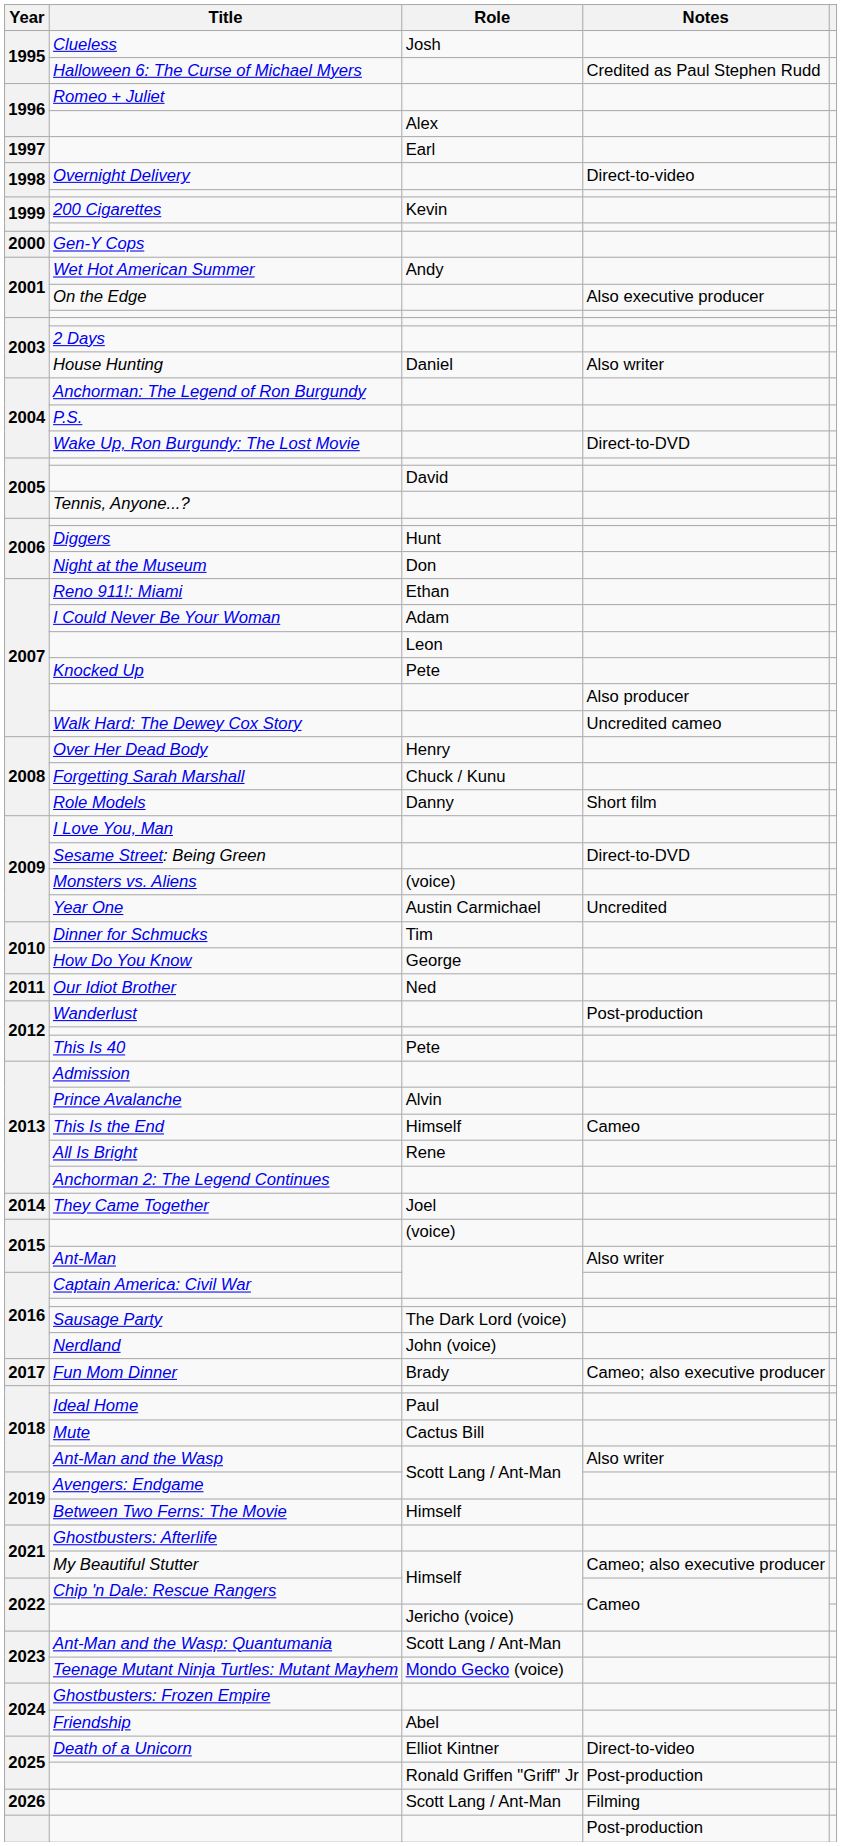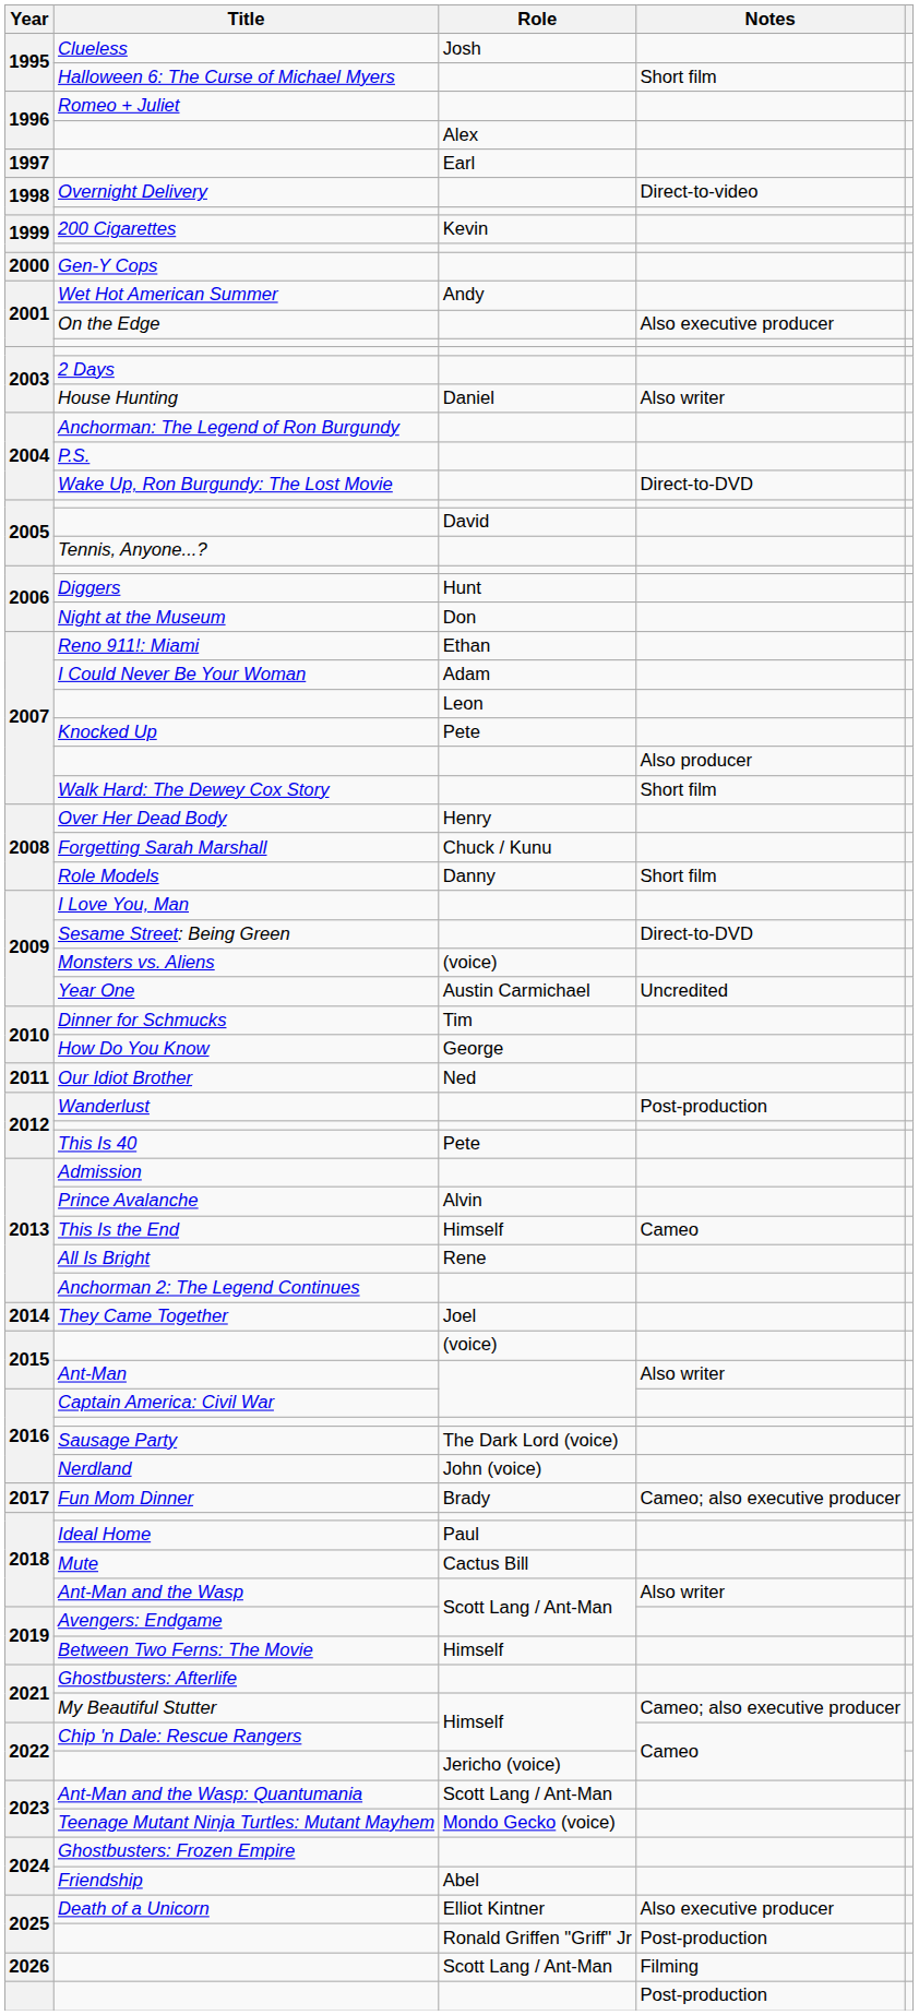 <table class="wikitable plainrowheaders sortable" style="margin-right: 0;">
 <tr>
 <th scope="col">Year</th>
 <th scope="col">Title</th>
 <th scope="col">Role</th>
 <th scope="col" class="unsortable">Notes</th>
 <th scope="col" class="unsortable"></th>
 </tr>
 <tr>
 <th rowspan="2" scope="row">1995</th>
 <td><em><a href='#'>Clueless</a></em></td>
 <td>Josh</td>
 <td></td>
 <td style="text-align: center;"></td>
 </tr>
 <tr>
 <td><em><a href='#'>Halloween 6: The Curse of Michael Myers</a></em></td>
 <td></td>
-<td>Credited as Paul Stephen Rudd</td>
+<td>Short film</td>
 <td style="text-align: center;"></td>
 </tr>
 <tr>
 <th rowspan="2" scope="row">1996</th>
 <td><em><a href='#'>Romeo + Juliet</a></em></td>
 <td></td>
 <td></td>
 <td style="text-align: center;"></td>
 </tr>
 <tr>
 <td><em></em></td>
 <td>Alex</td>
 <td></td>
 <td style="text-align: center;"></td>
 </tr>
 <tr>
 <th scope="row">1997</th>
 <td><em></em></td>
 <td>Earl</td>
 <td></td>
 <td style="text-align: center;"></td>
 </tr>
 <tr>
 <th rowspan="2" scope="row">1998</th>
 <td><em><a href='#'>Overnight Delivery</a></em></td>
 <td></td>
 <td>Direct-to-video</td>
 <td style="text-align: center;"></td>
 </tr>
 <tr>
 <td><em></em></td>
 <td></td>
 <td></td>
 <td style="text-align: center;"></td>
 </tr>
 <tr>
 <th rowspan="2" scope="row">1999</th>
 <td><em><a href='#'>200 Cigarettes</a></em></td>
 <td>Kevin</td>
 <td></td>
 <td style="text-align: center;"></td>
 </tr>
 <tr>
 <td><em></em></td>
 <td></td>
 <td></td>
 <td style="text-align: center;"></td>
 </tr>
 <tr>
 <th scope="row">2000</th>
 <td><em><a href='#'>Gen-Y Cops</a></em></td>
 <td></td>
 <td></td>
 <td style="text-align: center;"></td>
 </tr>
 <tr>
 <th rowspan="3" scope="row">2001</th>
 <td><em><a href='#'>Wet Hot American Summer</a></em></td>
 <td>Andy</td>
 <td></td>
 <td style="text-align: center;"></td>
 </tr>
 <tr>
 <td><em>On the Edge</em></td>
 <td></td>
 <td>Also executive producer</td>
 <td style="text-align: center;"></td>
 </tr>
 <tr>
 <td><em></em></td>
 <td></td>
 <td></td>
 <td style="text-align: center;"></td>
 </tr>
 <tr>
 <th rowspan="3" scope="row">2003</th>
 <td><em></em></td>
 <td></td>
 <td></td>
 <td style="text-align: center;"></td>
 </tr>
 <tr>
 <td><em><a href='#'>2 Days</a></em></td>
 <td></td>
 <td></td>
 <td style="text-align: center;"></td>
 </tr>
 <tr>
 <td><em>House Hunting</em></td>
 <td>Daniel</td>
 <td>Also writer</td>
 <td style="text-align: center;"></td>
 </tr>
 <tr>
 <th rowspan="3" scope="row">2004</th>
 <td><em><a href='#'>Anchorman: The Legend of Ron Burgundy</a></em></td>
 <td></td>
 <td></td>
 <td style="text-align: center;"></td>
 </tr>
 <tr>
 <td><em><a href='#'>P.S.</a></em></td>
 <td></td>
 <td></td>
 <td style="text-align: center;"></td>
 </tr>
 <tr>
 <td><em><a href='#'>Wake Up, Ron Burgundy: The Lost Movie</a></em></td>
 <td></td>
 <td>Direct-to-DVD</td>
 <td style="text-align: center;"></td>
 </tr>
 <tr>
 <th rowspan="3" scope="row">2005</th>
 <td><em></em></td>
 <td></td>
 <td></td>
 <td style="text-align: center;"></td>
 </tr>
 <tr>
 <td><em></em></td>
 <td>David</td>
 <td></td>
 <td style="text-align: center;"></td>
 </tr>
 <tr>
 <td><em>Tennis, Anyone...?</em></td>
 <td></td>
 <td></td>
 <td style="text-align: center;"></td>
 </tr>
 <tr>
 <th rowspan="3" scope="row">2006</th>
 <td><em></em></td>
 <td></td>
 <td></td>
 <td style="text-align: center;"></td>
 </tr>
 <tr>
 <td><em><a href='#'>Diggers</a></em></td>
 <td>Hunt</td>
 <td></td>
 <td style="text-align: center;"></td>
 </tr>
 <tr>
 <td><em><a href='#'>Night at the Museum</a></em></td>
 <td>Don</td>
 <td></td>
 <td style="text-align: center;"></td>
 </tr>
 <tr>
 <th rowspan="6" scope="row">2007</th>
 <td><em><a href='#'>Reno 911!: Miami</a></em></td>
 <td>Ethan</td>
 <td></td>
 <td style="text-align: center;"></td>
 </tr>
 <tr>
 <td><em><a href='#'>I Could Never Be Your Woman</a></em></td>
 <td>Adam</td>
 <td></td>
 <td style="text-align: center;"></td>
 </tr>
 <tr>
 <td><em></em></td>
 <td>Leon</td>
 <td></td>
 <td style="text-align: center;"></td>
 </tr>
 <tr>
 <td><em><a href='#'>Knocked Up</a></em></td>
 <td>Pete</td>
 <td></td>
 <td style="text-align: center;"></td>
 </tr>
 <tr>
 <td><em></em></td>
 <td></td>
 <td>Also producer</td>
 <td style="text-align: center;"></td>
 </tr>
 <tr>
 <td><em><a href='#'>Walk Hard: The Dewey Cox Story</a></em></td>
 <td></td>
-<td>Uncredited cameo</td>
+<td>Short film</td>
 <td style="text-align: center;"></td>
 </tr>
 <tr>
 <th rowspan="3" scope="row">2008</th>
 <td><em><a href='#'>Over Her Dead Body</a></em></td>
 <td>Henry</td>
 <td></td>
 <td style="text-align: center;"></td>
 </tr>
 <tr>
 <td><em><a href='#'>Forgetting Sarah Marshall</a></em></td>
 <td>Chuck / Kunu</td>
 <td></td>
 <td style="text-align: center;"></td>
 </tr>
 <tr>
 <td><em><a href='#'>Role Models</a></em></td>
 <td>Danny</td>
 <td>Short film</td>
 <td style="text-align: center;"></td>
 </tr>
 <tr>
 <th rowspan="4" scope="row">2009</th>
 <td><em><a href='#'>I Love You, Man</a></em></td>
 <td></td>
 <td></td>
 <td style="text-align: center;"></td>
 </tr>
 <tr>
 <td><em><a href='#'>Sesame Street</a>: Being Green</em></td>
 <td></td>
 <td>Direct-to-DVD</td>
 <td style="text-align: center;"></td>
 </tr>
 <tr>
 <td><em><a href='#'>Monsters vs. Aliens</a></em></td>
 <td> (voice)</td>
 <td></td>
 <td style="text-align: center;"></td>
 </tr>
 <tr>
 <td><em><a href='#'>Year One</a></em></td>
 <td>Austin Carmichael</td>
 <td>Uncredited</td>
 <td style="text-align: center;"></td>
 </tr>
 <tr>
 <th rowspan="2" scope="row">2010</th>
 <td><em><a href='#'>Dinner for Schmucks</a></em></td>
 <td>Tim</td>
 <td></td>
 <td style="text-align: center;"></td>
 </tr>
 <tr>
 <td><em><a href='#'>How Do You Know</a></em></td>
 <td>George</td>
 <td></td>
 <td style="text-align: center;"></td>
 </tr>
 <tr>
 <th scope="row">2011</th>
 <td><em><a href='#'>Our Idiot Brother</a></em></td>
 <td>Ned</td>
 <td></td>
 <td style="text-align: center;"></td>
 </tr>
 <tr>
 <th rowspan="3" scope="row">2012</th>
 <td><em><a href='#'>Wanderlust</a></em></td>
 <td></td>
 <td>Post-production</td>
 <td style="text-align: center;"></td>
 </tr>
 <tr>
 <td><em></em></td>
 <td></td>
 <td></td>
 <td style="text-align: center;"></td>
 </tr>
 <tr>
 <td><em><a href='#'>This Is 40</a></em></td>
 <td>Pete</td>
 <td></td>
 <td style="text-align: center;"></td>
 </tr>
 <tr>
 <th rowspan="5" scope="row">2013</th>
 <td><em><a href='#'>Admission</a></em></td>
 <td></td>
 <td></td>
 <td style="text-align: center;"></td>
 </tr>
 <tr>
 <td><em><a href='#'>Prince Avalanche</a></em></td>
 <td>Alvin</td>
 <td></td>
 <td style="text-align: center;"></td>
 </tr>
 <tr>
 <td><em><a href='#'>This Is the End</a></em></td>
 <td>Himself</td>
 <td>Cameo</td>
 <td style="text-align: center;"></td>
 </tr>
 <tr>
 <td><em><a href='#'>All Is Bright</a></em></td>
 <td>Rene</td>
 <td></td>
 <td style="text-align: center;"></td>
 </tr>
 <tr>
 <td><em><a href='#'>Anchorman 2: The Legend Continues</a></em></td>
 <td></td>
 <td></td>
 <td style="text-align: center;"></td>
 </tr>
 <tr>
 <th scope="row">2014</th>
 <td><em><a href='#'>They Came Together</a></em></td>
 <td>Joel</td>
 <td></td>
 <td style="text-align: center;"></td>
 </tr>
 <tr>
 <th rowspan="2" scope="row">2015</th>
 <td><em></em></td>
 <td> (voice)</td>
 <td></td>
 <td style="text-align: center;"></td>
 </tr>
 <tr>
 <td><em><a href='#'>Ant-Man</a></em></td>
 <td rowspan="2"></td>
 <td>Also writer</td>
 <td style="text-align: center;"></td>
 </tr>
 <tr>
 <th rowspan="4" scope="row">2016</th>
 <td><em><a href='#'>Captain America: Civil War</a></em></td>
 <td></td>
 <td style="text-align: center;"></td>
 </tr>
 <tr>
 <td><em></em></td>
 <td></td>
 <td></td>
 <td style="text-align: center;"></td>
 </tr>
 <tr>
 <td><em><a href='#'>Sausage Party</a></em></td>
 <td>The Dark Lord (voice)</td>
 <td></td>
 <td style="text-align: center;"></td>
 </tr>
 <tr>
 <td><em><a href='#'>Nerdland</a></em></td>
 <td>John (voice)</td>
 <td></td>
 <td style="text-align: center;"></td>
 </tr>
 <tr>
 <th scope="row">2017</th>
 <td><em><a href='#'>Fun Mom Dinner</a></em></td>
 <td>Brady</td>
 <td>Cameo; also executive producer</td>
 <td style="text-align: center;"></td>
 </tr>
 <tr>
 <th rowspan="4" scope="row">2018</th>
 <td><em></em></td>
 <td></td>
 <td></td>
 <td style="text-align: center;"></td>
 </tr>
 <tr>
 <td><em><a href='#'>Ideal Home</a></em></td>
 <td>Paul</td>
 <td></td>
 <td style="text-align: center;"></td>
 </tr>
 <tr>
 <td><em><a href='#'>Mute</a></em></td>
 <td>Cactus Bill</td>
 <td></td>
 <td style="text-align: center;"></td>
 </tr>
 <tr>
 <td><em><a href='#'>Ant-Man and the Wasp</a></em></td>
 <td rowspan="2">Scott Lang / Ant-Man</td>
 <td>Also writer</td>
 <td style="text-align: center;"></td>
 </tr>
 <tr>
 <th rowspan="2" scope="row">2019</th>
 <td><em><a href='#'>Avengers: Endgame</a></em></td>
 <td></td>
 <td style="text-align: center;"></td>
 </tr>
 <tr>
 <td><em><a href='#'>Between Two Ferns: The Movie</a></em></td>
 <td>Himself</td>
 <td></td>
 <td style="text-align: center;"></td>
 </tr>
 <tr>
 <th rowspan="2" scope="row">2021</th>
 <td><em><a href='#'>Ghostbusters: Afterlife</a></em></td>
 <td></td>
 <td></td>
 <td style="text-align: center;"></td>
 </tr>
 <tr>
 <td><em>My Beautiful Stutter</em></td>
 <td rowspan="2">Himself</td>
 <td>Cameo; also executive producer</td>
 <td style="text-align: center;"></td>
 </tr>
 <tr>
 <th rowspan="2" scope="row">2022</th>
 <td><em><a href='#'>Chip 'n Dale: Rescue Rangers</a></em></td>
 <td rowspan="2">Cameo</td>
 <td style="text-align: center;"></td>
 </tr>
 <tr>
 <td><em></em></td>
 <td>Jericho (voice)</td>
 <td style="text-align: center;"></td>
 </tr>
 <tr>
 <th rowspan="2" scope="row">2023</th>
 <td><em><a href='#'>Ant-Man and the Wasp: Quantumania</a></em></td>
 <td>Scott Lang / Ant-Man</td>
 <td></td>
 <td style="text-align: center;"></td>
 </tr>
 <tr>
 <td><em><a href='#'>Teenage Mutant Ninja Turtles: Mutant Mayhem</a></em></td>
 <td><a href='#'>Mondo Gecko</a> (voice)</td>
 <td></td>
 <td style="text-align: center;"></td>
 </tr>
 <tr>
 <th rowspan=2  scope="row">2024</th>
 <td><em><a href='#'>Ghostbusters: Frozen Empire</a></em></td>
 <td></td>
 <td></td>
 <td style="text-align: center;"></td>
 </tr>
 <tr>
 <td><em><a href='#'>Friendship</a></em></td>
 <td>Abel</td>
 <td></td>
 <td style="text-align: center;"></td>
 </tr>
 <tr>
 <th rowspan="2" scope="row">2025</th>
 <td><em><a href='#'>Death of a Unicorn</a></em></td>
 <td>Elliot Kintner</td>
-<td>Direct-to-video</td>
+<td>Also executive producer</td>
 <td style="text-align: center;"></td>
 </tr>
 <tr>
 <td></td>
 <td>Ronald Griffen "Griff" Jr</td>
 <td>Post-production</td>
 <td style="text-align: center;"></td>
 </tr>
 <tr>
 <th scope="row">2026</th>
 <td></td>
 <td>Scott Lang / Ant-Man</td>
 <td>Filming</td>
 <td style="text-align: center;"></td>
 </tr>
 <tr>
 <th scope="row"></th>
 <td></td>
 <td></td>
 <td>Post-production</td>
 <td style="text-align: center;"></td>
 </tr>
 </table>
